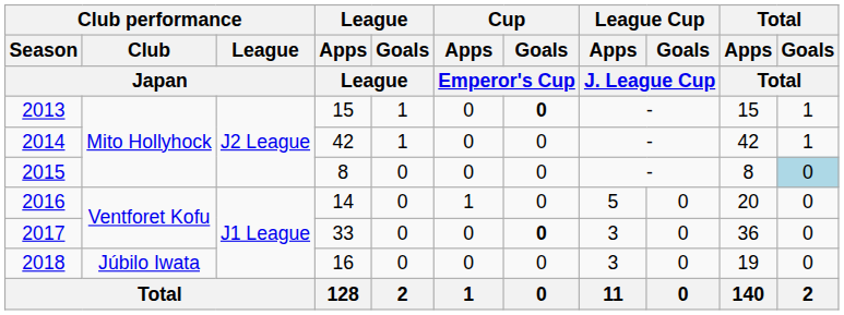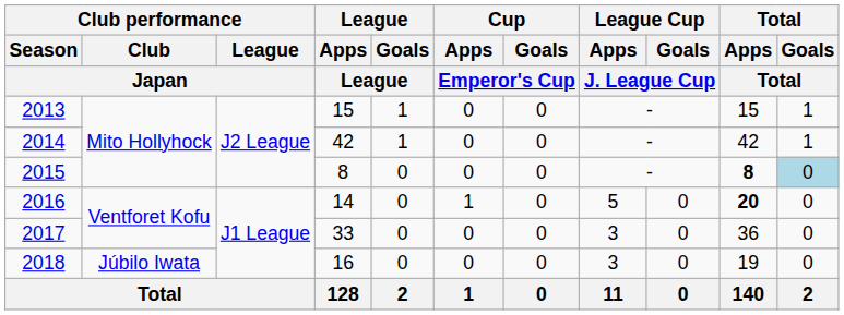 <table class="wikitable" style="text-align:center;">
 <tr>
 <th colspan=3>Club performance</th>
 <th colspan=2>League</th>
 <th colspan=2>Cup</th>
 <th colspan=2>League Cup</th>
 <th colspan=2>Total</th>
 </tr>
 <tr>
 <th>Season</th>
 <th>Club</th>
 <th>League</th>
 <th>Apps</th>
 <th>Goals</th>
 <th>Apps</th>
 <th>Goals</th>
 <th>Apps</th>
 <th>Goals</th>
 <th>Apps</th>
 <th>Goals</th>
 </tr>
 <tr>
 <th colspan=3>Japan</th>
 <th colspan=2>League</th>
 <th colspan=2><a href='#'>Emperor's Cup</a></th>
 <th colspan=2><a href='#'>J. League Cup</a></th>
 <th colspan=2>Total</th>
 </tr>
 <tr>
 <td><a href='#'>2013</a></td>
 <td rowspan="3"><a href='#'>Mito Hollyhock</a></td>
 <td rowspan="3"><a href='#'>J2 League</a></td>
 <td>15</td>
 <td>1</td>
 <td>0</td>
-<td><strong>0</strong></td>
+<td>0</td>
 <td colspan="2">-</td>
 <td>15</td>
 <td>1</td>
 </tr>
 <tr>
 <td><a href='#'>2014</a></td>
 <td>42</td>
 <td>1</td>
 <td>0</td>
 <td>0</td>
 <td colspan="2">-</td>
 <td>42</td>
 <td>1</td>
 </tr>
 <tr>
 <td><a href='#'>2015</a></td>
 <td>8</td>
 <td>0</td>
 <td>0</td>
 <td>0</td>
 <td colspan="2">-</td>
-<td>8</td>
+<td><strong>8</strong></td>
 <td style="background: lightblue;">0</td>
 </tr>
 <tr>
 <td><a href='#'>2016</a></td>
 <td rowspan="2"><a href='#'>Ventforet Kofu</a></td>
 <td rowspan="3"><a href='#'>J1 League</a></td>
 <td>14</td>
 <td>0</td>
 <td>1</td>
 <td>0</td>
 <td>5</td>
 <td>0</td>
-<td>20</td>
+<td><strong>20</strong></td>
 <td>0</td>
 </tr>
 <tr>
 <td><a href='#'>2017</a></td>
 <td>33</td>
 <td>0</td>
 <td>0</td>
-<td><strong>0</strong></td>
+<td>0</td>
 <td>3</td>
 <td>0</td>
 <td>36</td>
 <td>0</td>
 </tr>
 <tr>
 <td><a href='#'>2018</a></td>
 <td rowspan="1"><a href='#'>Júbilo Iwata</a></td>
 <td>16</td>
 <td>0</td>
 <td>0</td>
 <td>0</td>
 <td>3</td>
 <td>0</td>
 <td>19</td>
 <td>0</td>
 </tr>
 <tr>
 <th colspan=3>Total</th>
 <th>128</th>
 <th>2</th>
 <th>1</th>
 <th>0</th>
 <th>11</th>
 <th>0</th>
 <th>140</th>
 <th>2</th>
 </tr>
 </table>
